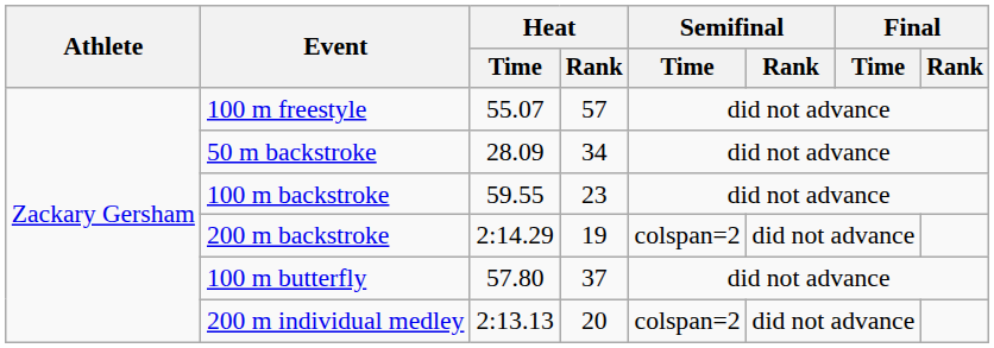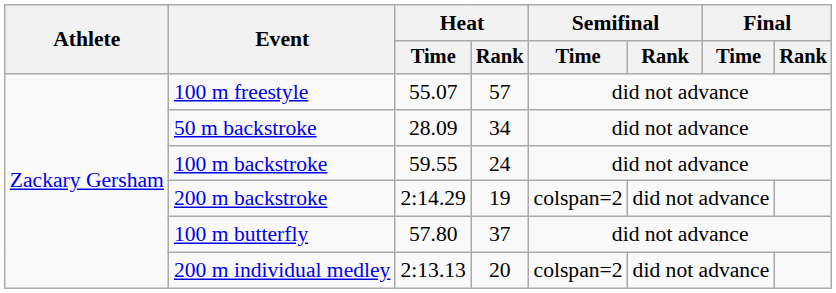 <table class=wikitable style=font-size:90%>
 <tr>
 <th rowspan=2>Athlete</th>
 <th rowspan=2>Event</th>
 <th colspan=2>Heat</th>
 <th colspan=2>Semifinal</th>
 <th colspan=2>Final</th>
 </tr>
 <tr style=font-size:95%>
 <th>Time</th>
 <th>Rank</th>
 <th>Time</th>
 <th>Rank</th>
 <th>Time</th>
 <th>Rank</th>
 </tr>
 <tr align=center>
 <td align=left rowspan=6><a href='#'>Zackary Gersham</a></td>
 <td align=left rowspan="1"><a href='#'>100 m freestyle</a></td>
 <td>55.07</td>
 <td>57</td>
 <td colspan=4>did not advance</td>
 </tr>
 <tr align=center>
 <td style="text-align:left;"><a href='#'>50 m backstroke</a></td>
 <td>28.09</td>
 <td>34</td>
 <td colspan=4>did not advance</td>
 </tr>
 <tr align=center>
 <td style="text-align:left;"><a href='#'>100 m backstroke</a></td>
 <td>59.55</td>
-<td>23</td>
+<td>24</td>
 <td colspan=4>did not advance</td>
 </tr>
 <tr align=center>
 <td align=left rowspan="1"><a href='#'>200 m backstroke</a></td>
 <td>2:14.29</td>
 <td>19</td>
 <td>colspan=2 </td>
 <td colspan=2>did not advance</td>
 </tr>
 <tr align=center>
 <td align=left rowspan="1"><a href='#'>100 m butterfly</a></td>
 <td>57.80</td>
 <td>37</td>
 <td colspan=4>did not advance</td>
 </tr>
 <tr align=center>
 <td align=left rowspan="1"><a href='#'>200 m individual medley</a></td>
 <td>2:13.13</td>
 <td>20</td>
 <td>colspan=2 </td>
 <td colspan=2>did not advance</td>
 </tr>
 </table>
